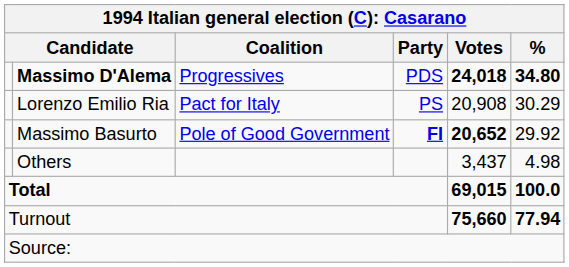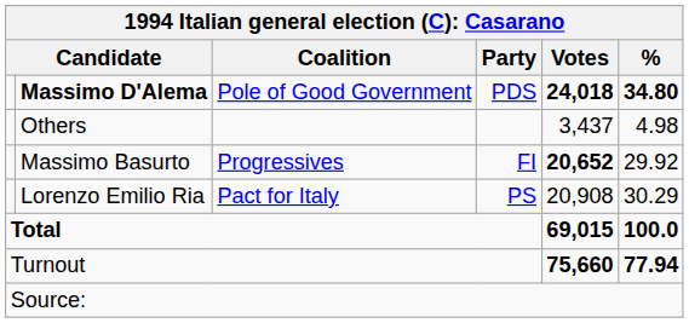 <table class=wikitable style=text-align:right>
 <tr>
 <th colspan=6>1994 Italian general election (<a href='#'>C</a>): <a href='#'>Casarano</a></th>
 </tr>
 <tr>
 <th colspan=2>Candidate</th>
 <th>Coalition</th>
 <th>Party</th>
 <th>Votes</th>
 <th>%</th>
 </tr>
 <tr>
 <td></td>
 <td align=left><strong>Massimo D'Alema</strong></td>
-<td align=left><a href='#'>Progressives</a></td>
+<td align=left><a href='#'>Pole of Good Government</a></td>
 <td><a href='#'>PDS</a></td>
 <td><strong>24,018</strong></td>
 <td><strong>34.80</strong></td>
+</tr>
+<tr>
+<td></td>
+<td align=left>Others</td>
+<td></td>
+<td></td>
+<td>3,437</td>
+<td>4.98</td>
+</tr>
+<tr>
+<td></td>
+<td align=left>Massimo Basurto</td>
+<td align=left><a href='#'>Progressives</a></td>
+<td><a href='#'>FI</a></td>
+<td><strong>20,652</strong></td>
+<td>29.92</td>
 </tr>
 <tr>
 <td></td>
 <td align=left>Lorenzo Emilio Ria</td>
 <td align=left><a href='#'>Pact for Italy</a></td>
 <td><a href='#'>PS</a></td>
 <td>20,908</td>
 <td>30.29</td>
-</tr>
-<tr>
-<td></td>
-<td align=left>Massimo Basurto</td>
-<td align=left><a href='#'>Pole of Good Government</a></td>
-<td><strong><a href='#'>FI</a></strong></td>
-<td><strong>20,652</strong></td>
-<td>29.92</td>
-</tr>
-<tr>
-<td></td>
-<td align=left>Others</td>
-<td></td>
-<td></td>
-<td>3,437</td>
-<td>4.98</td>
 </tr>
 <tr>
 <td align=left colspan=4><strong>Total</strong></td>
 <td><strong>69,015</strong></td>
 <td><strong>100.0</strong></td>
 </tr>
 <tr>
 <td align=left colspan=4>Turnout</td>
 <td><strong>75,660</strong></td>
 <td><strong>77.94</strong></td>
 </tr>
 <tr>
 <td align=left colspan=6>Source: </td>
 </tr>
 </table>
